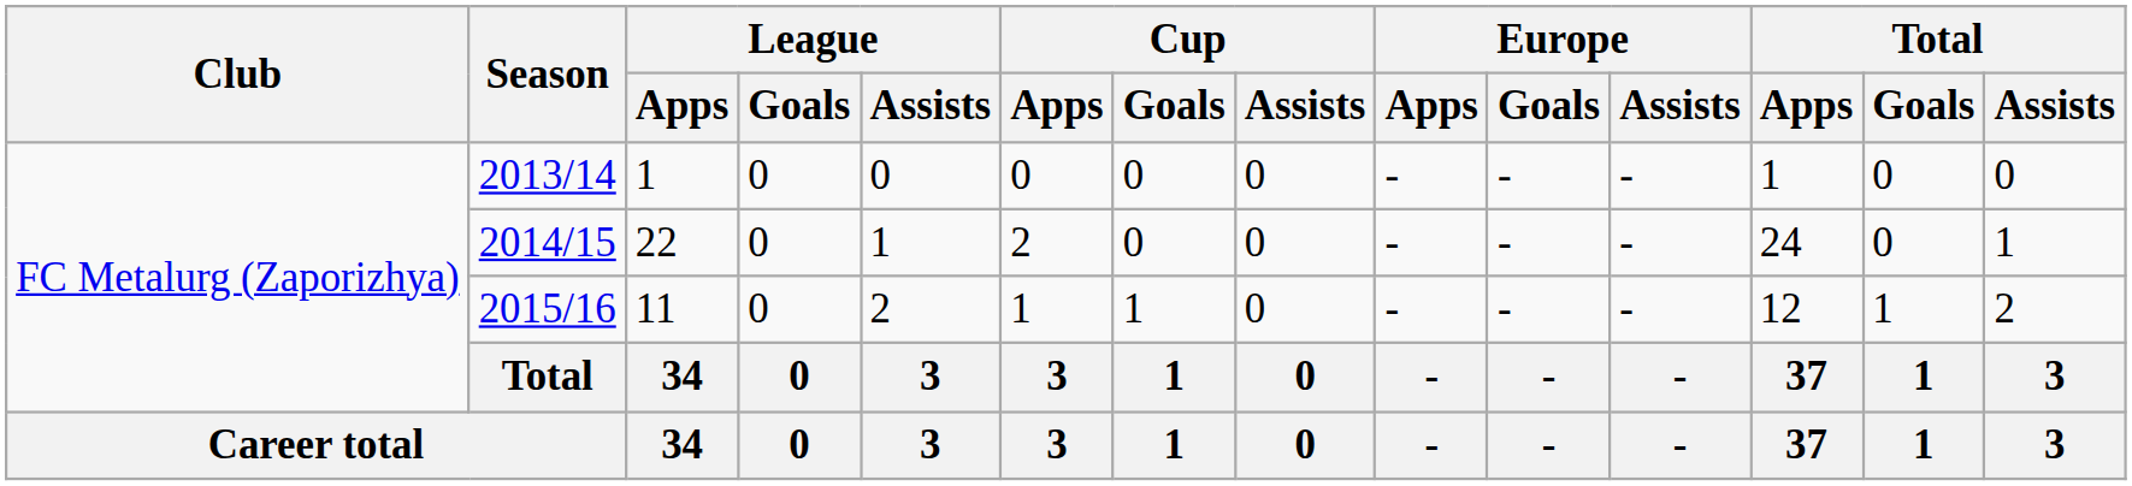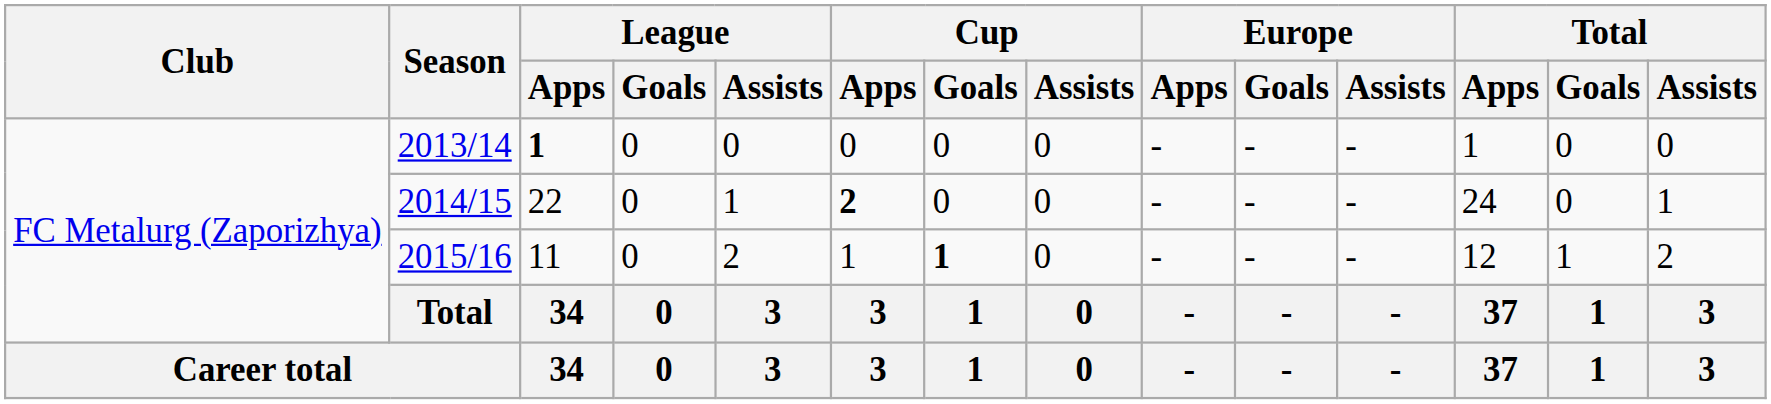 <table class=wikitable style=font-size:98%; text-align: center;>
 <tr>
 <th rowspan=2>Club</th>
 <th rowspan=2>Season</th>
 <th colspan=3>League</th>
 <th colspan=3>Cup</th>
 <th colspan=3>Europe</th>
 <th colspan=3>Total</th>
 </tr>
 <tr>
 <th>Apps</th>
 <th>Goals</th>
 <th>Assists</th>
 <th>Apps</th>
 <th>Goals</th>
 <th>Assists</th>
 <th>Apps</th>
 <th>Goals</th>
 <th>Assists</th>
 <th>Apps</th>
 <th>Goals</th>
 <th>Assists</th>
 </tr>
 <tr>
 <td rowspan=4 valign=center><a href='#'>FC Metalurg (Zaporizhya)</a></td>
 <td><a href='#'>2013/14</a></td>
-<td>1</td>
+<td><strong>1</strong></td>
 <td>0</td>
 <td>0</td>
 <td>0</td>
 <td>0</td>
 <td>0</td>
 <td>-</td>
 <td>-</td>
 <td>-</td>
 <td>1</td>
 <td>0</td>
 <td>0</td>
 </tr>
 <tr>
 <td><a href='#'>2014/15</a></td>
 <td>22</td>
 <td>0</td>
 <td>1</td>
-<td>2</td>
+<td><strong>2</strong></td>
 <td>0</td>
 <td>0</td>
 <td>-</td>
 <td>-</td>
 <td>-</td>
 <td>24</td>
 <td>0</td>
 <td>1</td>
 </tr>
 <tr>
 <td><a href='#'>2015/16</a></td>
 <td>11</td>
 <td>0</td>
 <td>2</td>
 <td>1</td>
-<td>1</td>
+<td><strong>1</strong></td>
 <td>0</td>
 <td>-</td>
 <td>-</td>
 <td>-</td>
 <td>12</td>
 <td>1</td>
 <td>2</td>
 </tr>
 <tr>
 <th>Total</th>
 <th>34</th>
 <th>0</th>
 <th>3</th>
 <th>3</th>
 <th>1</th>
 <th>0</th>
 <th>-</th>
 <th>-</th>
 <th>-</th>
 <th>37</th>
 <th>1</th>
 <th>3</th>
 </tr>
 <tr>
 <th colspan=2>Career total</th>
 <th>34</th>
 <th>0</th>
 <th>3</th>
 <th>3</th>
 <th>1</th>
 <th>0</th>
 <th>-</th>
 <th>-</th>
 <th>-</th>
 <th>37</th>
 <th>1</th>
 <th>3</th>
 </tr>
 </table>
